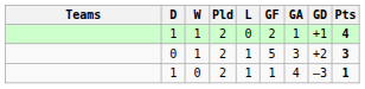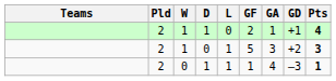 <table class="wikitable" style="text-align: center;">
 <tr>
 <th width=165>Teams</th>
+<th width=20>Pld</th>
+<th width=20>W</th>
 <th width=20>D</th>
-<th width=20>W</th>
-<th width=20>Pld</th>
 <th width=20>L</th>
 <th width=20>GF</th>
 <th width=20>GA</th>
 <th width=20>GD</th>
 <th width=20>Pts</th>
 </tr>
 <tr align=center style="background:#ccffcc;">
 <td style="text-align:left;"></td>
+<td>2</td>
 <td>1</td>
 <td>1</td>
-<td>2</td>
 <td>0</td>
 <td>2</td>
 <td>1</td>
 <td>+1</td>
 <td><strong>4</strong></td>
 </tr>
 <tr align=center>
 <td style="text-align:left;"></td>
+<td>2</td>
+<td>1</td>
 <td>0</td>
-<td>1</td>
-<td>2</td>
 <td>1</td>
 <td>5</td>
 <td>3</td>
 <td>+2</td>
 <td><strong>3</strong></td>
 </tr>
 <tr align=center>
 <td style="text-align:left;"></td>
+<td>2</td>
+<td>0</td>
 <td>1</td>
-<td>0</td>
-<td>2</td>
 <td>1</td>
 <td>1</td>
 <td>4</td>
 <td>–3</td>
 <td><strong>1</strong></td>
 </tr>
 </table>
